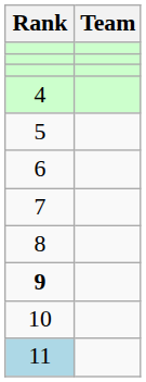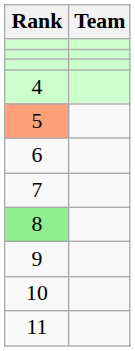 <table class="wikitable" style="text-align:center;">
 <tr>
 <th width=40>Rank</th>
 <th>Team</th>
 </tr>
 <tr bgcolor=#ccffcc>
 <td></td>
 <td style="text-align:left;"></td>
 </tr>
 <tr bgcolor=#ccffcc>
 <td></td>
 <td style="text-align:left;"></td>
 </tr>
 <tr bgcolor=#ccffcc>
 <td></td>
 <td style="text-align:left;"></td>
 </tr>
 <tr bgcolor=#ccffcc>
 <td>4</td>
 <td style="text-align:left;"></td>
 </tr>
 <tr>
-<td>5</td>
+<td style="background: lightsalmon;">5</td>
 <td style="text-align:left;"></td>
 </tr>
 <tr>
 <td>6</td>
 <td style="text-align:left;"></td>
 </tr>
 <tr>
 <td>7</td>
 <td style="text-align:left;"></td>
 </tr>
 <tr>
-<td>8</td>
+<td style="background: lightgreen;">8</td>
 <td style="text-align:left;"></td>
 </tr>
 <tr>
-<td><strong>9</strong></td>
+<td>9</td>
 <td style="text-align:left;"></td>
 </tr>
 <tr>
 <td>10</td>
 <td style="text-align:left;"></td>
 </tr>
 <tr>
-<td style="background: lightblue;">11</td>
+<td>11</td>
 <td style="text-align:left;"></td>
 </tr>
 </table>
